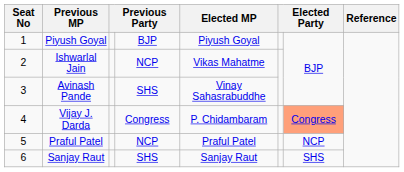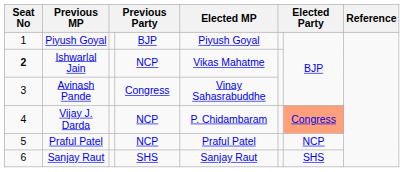 <table class="wikitable">
 <tr>
 <th>Seat No</th>
 <th>Previous MP</th>
 <th colspan=2>Previous Party</th>
 <th>Elected MP</th>
 <th colspan=2>Elected Party</th>
 <th>Reference</th>
 </tr>
 <tr style="text-align:center;">
 <td>1</td>
 <td><a href='#'>Piyush Goyal</a></td>
 <td width="1px"></td>
 <td><a href='#'>BJP</a></td>
 <td><a href='#'>Piyush Goyal</a></td>
 <td width="1px"></td>
 <td rowspan="3"><a href='#'>BJP</a></td>
 <td rowspan=6></td>
 </tr>
 <tr style="text-align:center;">
-<td>2</td>
+<td><strong>2</strong></td>
 <td><a href='#'>Ishwarlal Jain</a></td>
 <td width="1px"></td>
 <td><a href='#'>NCP</a></td>
 <td><a href='#'>Vikas Mahatme</a></td>
 </tr>
 <tr style="text-align:center;">
 <td>3</td>
 <td><a href='#'>Avinash Pande</a></td>
 <td width="1px"></td>
-<td><a href='#'>SHS</a></td>
+<td><a href='#'>Congress</a></td>
 <td><a href='#'>Vinay Sahasrabuddhe</a></td>
 </tr>
 <tr style="text-align:center;">
 <td>4</td>
 <td><a href='#'>Vijay J. Darda</a></td>
 <td width="1px"></td>
-<td><a href='#'>Congress</a></td>
+<td><a href='#'>NCP</a></td>
 <td><a href='#'>P. Chidambaram</a></td>
 <td width="1px"></td>
 <td style="background: lightsalmon;"><a href='#'>Congress</a></td>
 </tr>
 <tr style="text-align:center;">
 <td>5</td>
 <td><a href='#'>Praful Patel</a></td>
 <td width="1px"></td>
 <td><a href='#'>NCP</a></td>
 <td><a href='#'>Praful Patel</a></td>
 <td width="1px"></td>
 <td><a href='#'>NCP</a></td>
 </tr>
 <tr style="text-align:center;">
 <td>6</td>
 <td><a href='#'>Sanjay Raut</a></td>
 <td width="1px"></td>
 <td><a href='#'>SHS</a></td>
 <td><a href='#'>Sanjay Raut</a></td>
 <td width="1px"></td>
 <td><a href='#'>SHS</a></td>
 </tr>
 </table>
